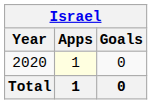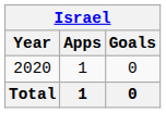 <table class="wikitable" style="text-align:center">
 <tr>
 <th colspan=3><a href='#'>Israel</a></th>
 </tr>
 <tr>
 <th>Year</th>
 <th>Apps</th>
 <th>Goals</th>
 </tr>
 <tr>
 <td>2020</td>
-<td style="background: lightyellow;">1</td>
+<td>1</td>
 <td>0</td>
 </tr>
 <tr>
 <th>Total</th>
 <th>1</th>
 <th>0</th>
 </tr>
 </table>
